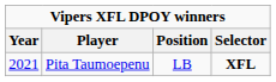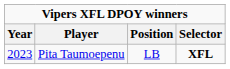 <table class="wikitable" style="text-align:center">
 <tr>
 <td align="center" colspan="4"><strong>Vipers XFL DPOY winners</strong></td>
 </tr>
 <tr>
 <th>Year</th>
 <th>Player</th>
 <th>Position</th>
 <th>Selector</th>
 </tr>
 <tr>
-<td><a href='#'>2021</a></td>
+<td><a href='#'>2023</a></td>
 <td><a href='#'>Pita Taumoepenu</a></td>
 <td><a href='#'>LB</a></td>
 <td><strong>XFL</strong></td>
 </tr>
 </table>
